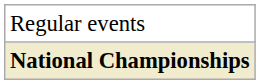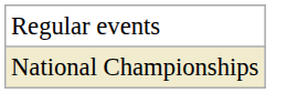 <table class=wikitable style="font-size:95%">
 <tr style="background:#fff;">
 <td>Regular events</td>
 </tr>
 <tr style="background:#f2ecce;">
-<td><strong>National Championships</strong></td>
+<td>National Championships</td>
 </tr>
 </table>
